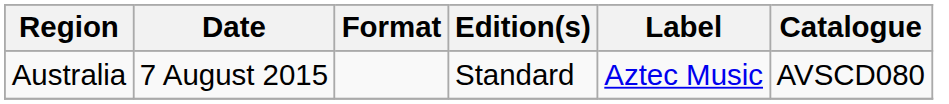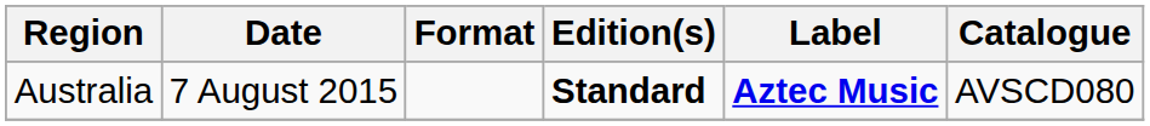 <table class="wikitable plainrowheaders">
 <tr>
 <th scope="col">Region</th>
 <th scope="col">Date</th>
 <th scope="col">Format</th>
 <th scope="col">Edition(s)</th>
 <th scope="col">Label</th>
 <th scope="col">Catalogue</th>
 </tr>
 <tr>
 <td>Australia</td>
 <td>7 August 2015 </td>
 <td></td>
-<td>Standard</td>
-<td><a href='#'>Aztec Music</a></td>
+<td><strong>Standard</strong></td>
+<td><strong><a href='#'>Aztec Music</a></strong></td>
 <td>AVSCD080</td>
 </tr>
 <tr>
 </tr>
 </table>
